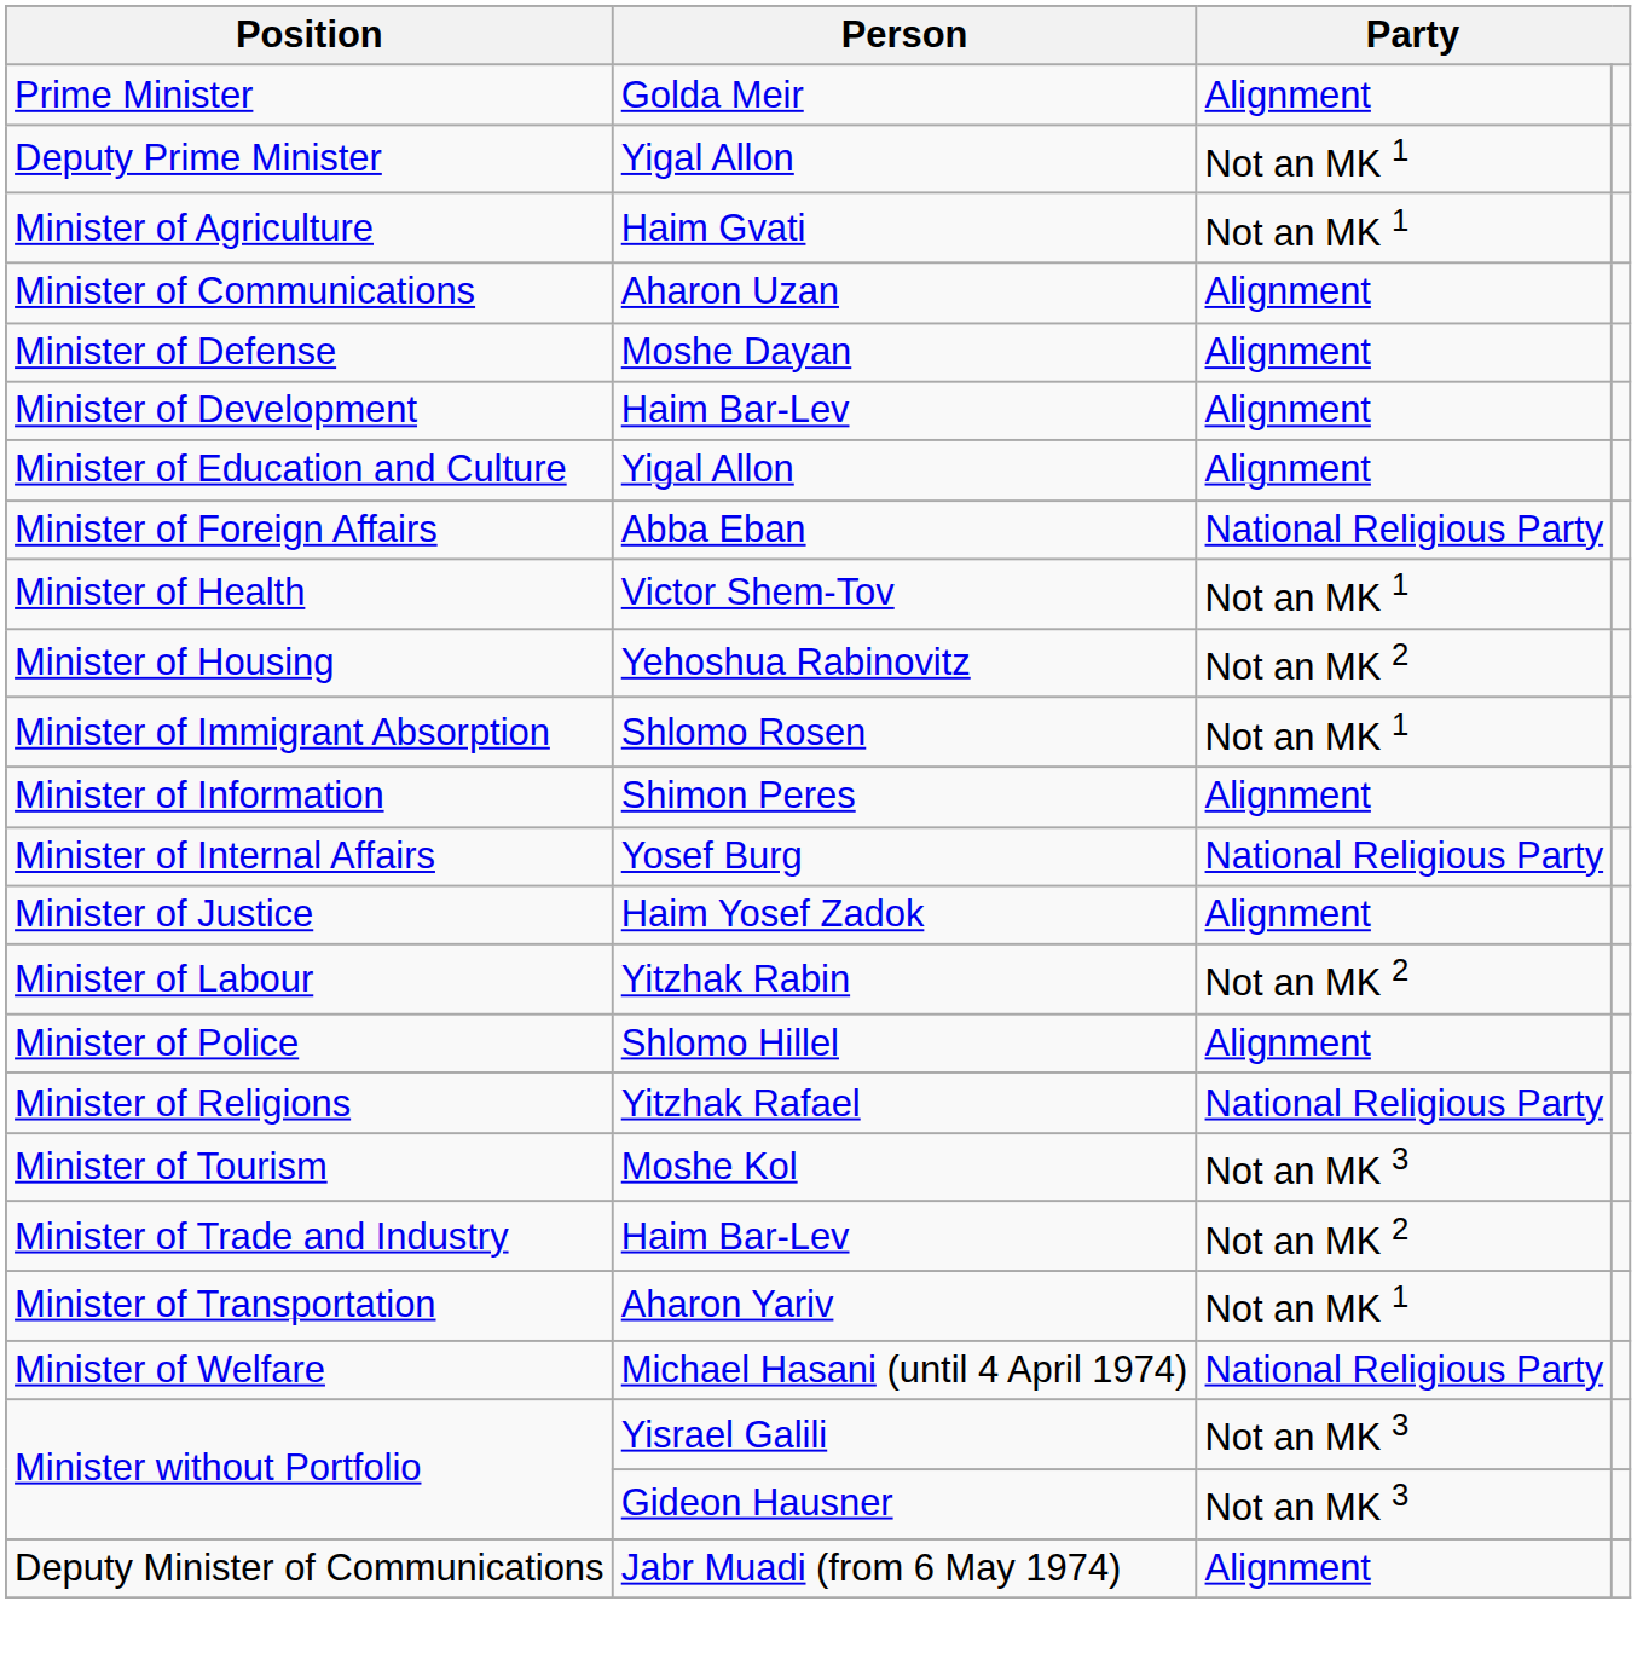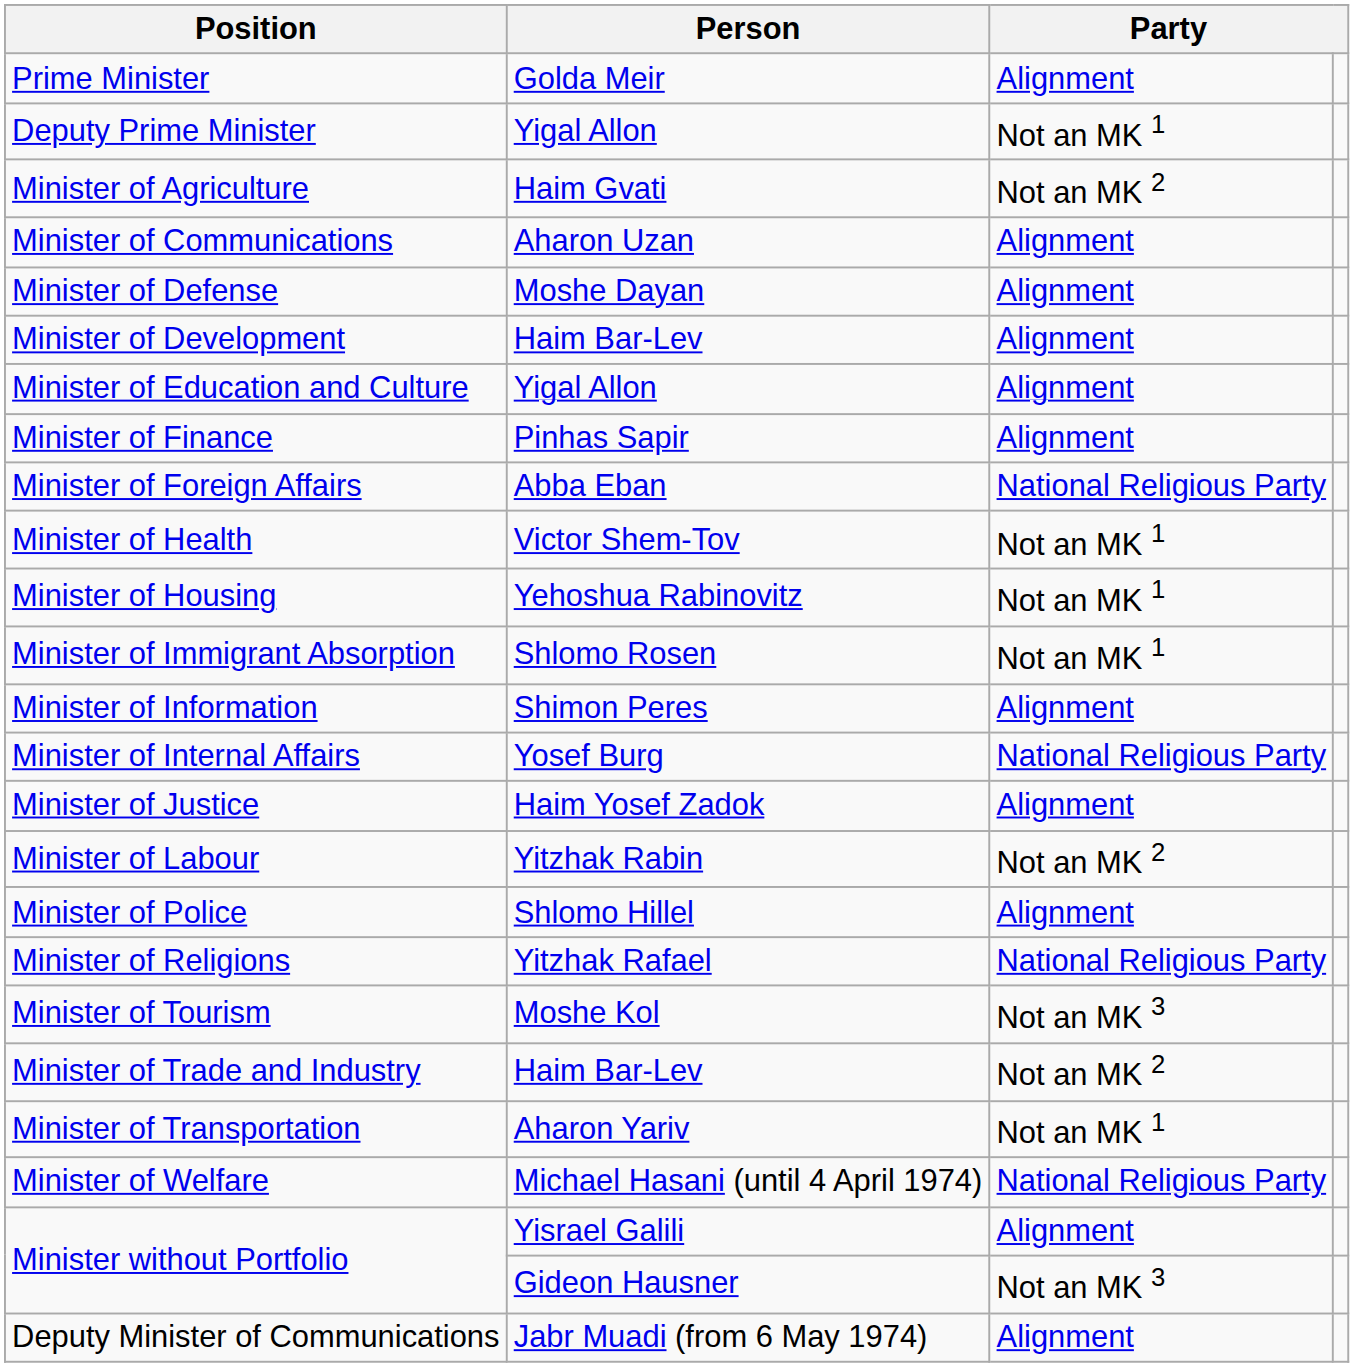 <table class=wikitable style="text-align:left">
 <tr>
 <th>Position</th>
 <th>Person</th>
 <th colspan=2>Party</th>
 </tr>
 <tr>
 <td><a href='#'>Prime Minister</a></td>
 <td><a href='#'>Golda Meir</a></td>
 <td><a href='#'>Alignment</a></td>
 <td style="background:"></td>
 </tr>
 <tr>
 <td><a href='#'>Deputy Prime Minister</a></td>
 <td><a href='#'>Yigal Allon</a></td>
 <td>Not an MK <sup>1</sup></td>
 <td style="background:"></td>
 </tr>
 <tr>
 <td><a href='#'>Minister of Agriculture</a></td>
 <td><a href='#'>Haim Gvati</a></td>
-<td>Not an MK <sup>1</sup></td>
+<td>Not an MK <sup>2</sup></td>
 <td style="background:"></td>
 </tr>
 <tr>
 <td><a href='#'>Minister of Communications</a></td>
 <td><a href='#'>Aharon Uzan</a></td>
 <td><a href='#'>Alignment</a></td>
 <td style="background:"></td>
 </tr>
 <tr>
 <td><a href='#'>Minister of Defense</a></td>
 <td><a href='#'>Moshe Dayan</a></td>
 <td><a href='#'>Alignment</a></td>
 <td style="background:"></td>
 </tr>
 <tr>
 <td><a href='#'>Minister of Development</a></td>
 <td><a href='#'>Haim Bar-Lev</a></td>
 <td><a href='#'>Alignment</a></td>
 <td style="background:"></td>
 </tr>
 <tr>
 <td><a href='#'>Minister of Education and Culture</a></td>
 <td><a href='#'>Yigal Allon</a></td>
 <td><a href='#'>Alignment</a></td>
 <td style="background:"></td>
 </tr>
 <tr>
+<td><a href='#'>Minister of Finance</a></td>
+<td><a href='#'>Pinhas Sapir</a></td>
+<td><a href='#'>Alignment</a></td>
+<td style="background:"></td>
+</tr>
+<tr>
 <td><a href='#'>Minister of Foreign Affairs</a></td>
 <td><a href='#'>Abba Eban</a></td>
 <td><a href='#'>National Religious Party</a></td>
 <td style="background:"></td>
 </tr>
 <tr>
 <td><a href='#'>Minister of Health</a></td>
 <td><a href='#'>Victor Shem-Tov</a></td>
 <td>Not an MK <sup>1</sup></td>
 <td style="background:"></td>
 </tr>
 <tr>
 <td><a href='#'>Minister of Housing</a></td>
 <td><a href='#'>Yehoshua Rabinovitz</a></td>
-<td>Not an MK <sup>2</sup></td>
+<td>Not an MK <sup>1</sup></td>
 <td style="background:"></td>
 </tr>
 <tr>
 <td><a href='#'>Minister of Immigrant Absorption</a></td>
 <td><a href='#'>Shlomo Rosen</a></td>
 <td>Not an MK <sup>1</sup></td>
 <td style="background:"></td>
 </tr>
 <tr>
 <td><a href='#'>Minister of Information</a></td>
 <td><a href='#'>Shimon Peres</a></td>
 <td><a href='#'>Alignment</a></td>
 <td style="background:"></td>
 </tr>
 <tr>
 <td><a href='#'>Minister of Internal Affairs</a></td>
 <td><a href='#'>Yosef Burg</a></td>
 <td><a href='#'>National Religious Party</a></td>
 <td style="background:"></td>
 </tr>
 <tr>
 <td><a href='#'>Minister of Justice</a></td>
 <td><a href='#'>Haim Yosef Zadok</a></td>
 <td><a href='#'>Alignment</a></td>
 <td style="background:"></td>
 </tr>
 <tr>
 <td><a href='#'>Minister of Labour</a></td>
 <td><a href='#'>Yitzhak Rabin</a></td>
 <td>Not an MK <sup>2</sup></td>
 <td style="background:"></td>
 </tr>
 <tr>
 <td><a href='#'>Minister of Police</a></td>
 <td><a href='#'>Shlomo Hillel</a></td>
 <td><a href='#'>Alignment</a></td>
 <td style="background:"></td>
 </tr>
 <tr>
 <td><a href='#'>Minister of Religions</a></td>
 <td><a href='#'>Yitzhak Rafael</a></td>
 <td><a href='#'>National Religious Party</a></td>
 <td style="background:"></td>
 </tr>
 <tr>
 <td><a href='#'>Minister of Tourism</a></td>
 <td><a href='#'>Moshe Kol</a></td>
 <td>Not an MK <sup>3</sup></td>
 <td style="background:"></td>
 </tr>
 <tr>
 <td><a href='#'>Minister of Trade and Industry</a></td>
 <td><a href='#'>Haim Bar-Lev</a></td>
 <td>Not an MK <sup>2</sup></td>
 <td style="background:"></td>
 </tr>
 <tr>
 <td><a href='#'>Minister of Transportation</a></td>
 <td><a href='#'>Aharon Yariv</a></td>
 <td>Not an MK <sup>1</sup></td>
 <td style="background:"></td>
 </tr>
 <tr>
 <td><a href='#'>Minister of Welfare</a></td>
 <td><a href='#'>Michael Hasani</a> (until 4 April 1974)</td>
 <td><a href='#'>National Religious Party</a></td>
 <td style="background:"></td>
 </tr>
 <tr>
 <td rowspan=2><a href='#'>Minister without Portfolio</a></td>
 <td><a href='#'>Yisrael Galili</a></td>
-<td>Not an MK <sup>3</sup></td>
+<td><a href='#'>Alignment</a></td>
 <td style="background:"></td>
 </tr>
 <tr>
 <td><a href='#'>Gideon Hausner</a></td>
 <td>Not an MK <sup>3</sup></td>
 <td style="background:"></td>
 </tr>
 <tr>
 <td>Deputy Minister of Communications</td>
 <td><a href='#'>Jabr Muadi</a> (from 6 May 1974)</td>
 <td><a href='#'>Alignment</a></td>
 <td style="background:"></td>
 </tr>
 </table>
